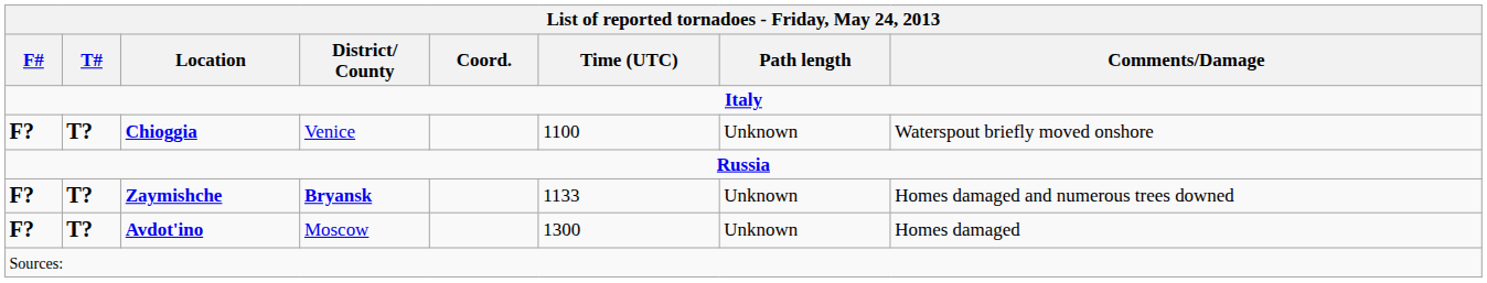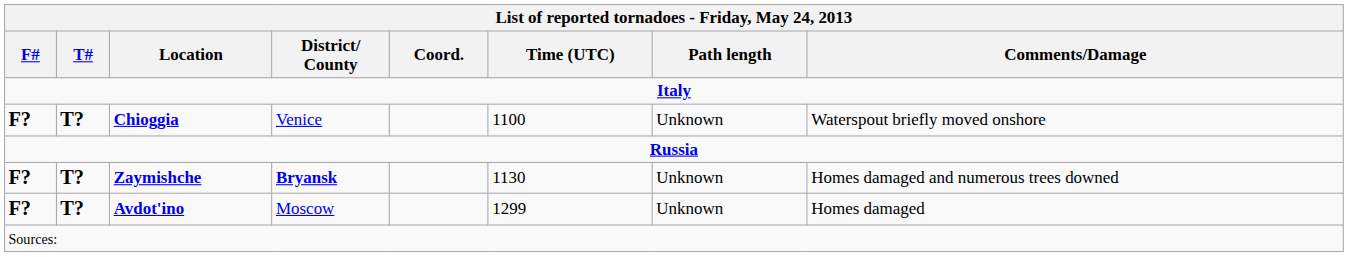 <table class="wikitable collapsible" width="100%">
 <tr>
 <th colspan="8">List of reported tornadoes - Friday, May 24, 2013</th>
 </tr>
 <tr>
 <th><a href='#'>F#</a></th>
 <th><a href='#'>T#</a></th>
 <th>Location</th>
 <th>District/<br>County</th>
 <th>Coord.</th>
 <th>Time (UTC)</th>
 <th>Path length</th>
 <th>Comments/Damage</th>
 </tr>
 <tr>
 <td colspan="8" align=center><strong><a href='#'>Italy</a></strong></td>
 </tr>
 <tr>
 <td><big><strong>F?</strong></big></td>
 <td><big><strong>T?</strong></big></td>
 <td><strong><a href='#'>Chioggia</a></strong></td>
 <td><a href='#'>Venice</a></td>
 <td></td>
 <td>1100</td>
 <td>Unknown</td>
 <td>Waterspout briefly moved onshore</td>
 </tr>
 <tr>
 <td colspan="8" align=center><strong><a href='#'>Russia</a></strong></td>
 </tr>
 <tr>
 <td><big><strong>F?</strong></big></td>
 <td><big><strong>T?</strong></big></td>
 <td><strong><a href='#'>Zaymishche</a></strong></td>
 <td><strong><a href='#'>Bryansk</a></strong></td>
 <td></td>
-<td>1133</td>
+<td>1130</td>
 <td>Unknown</td>
 <td>Homes damaged and numerous trees downed</td>
 </tr>
 <tr>
 <td><big><strong>F?</strong></big></td>
 <td><big><strong>T?</strong></big></td>
 <td><strong><a href='#'>Avdot'ino</a></strong></td>
 <td><a href='#'>Moscow</a></td>
 <td></td>
-<td>1300</td>
+<td>1299</td>
 <td>Unknown</td>
 <td>Homes damaged</td>
 </tr>
 <tr>
 <td colspan="8"><small>Sources:  </small></td>
 </tr>
 </table>
